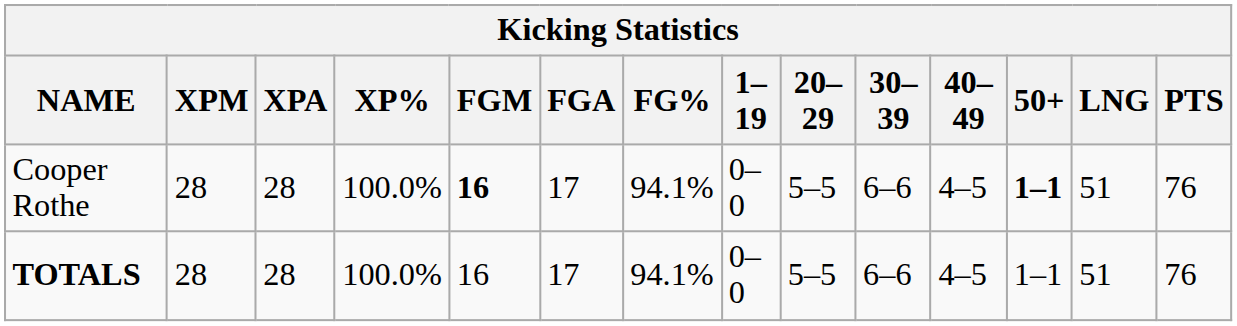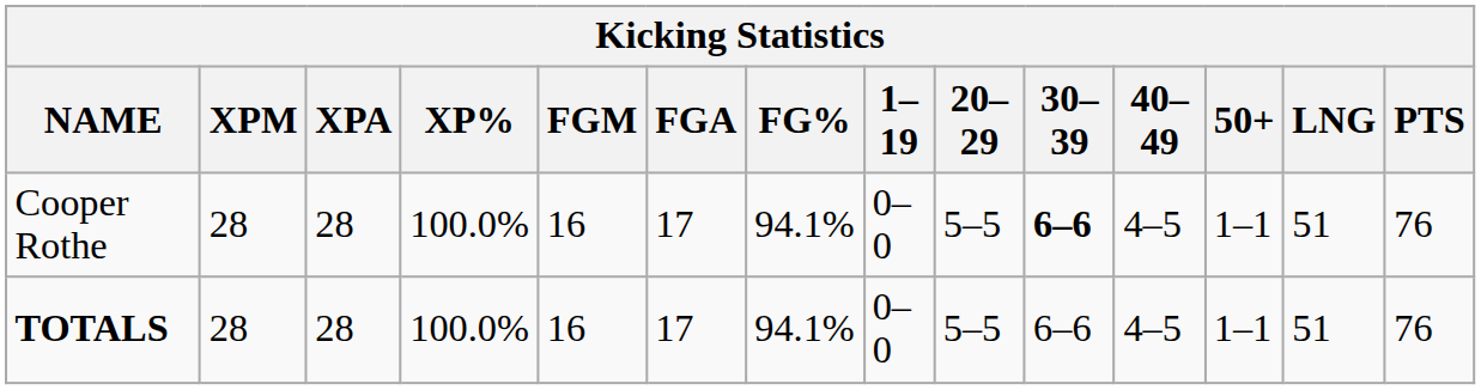 <table class="wikitable sortable collapsible collapsed">
 <tr>
 <th colspan="16">Kicking Statistics</th>
 </tr>
 <tr>
 <th>NAME</th>
 <th>XPM</th>
 <th>XPA</th>
 <th>XP%</th>
 <th>FGM</th>
 <th>FGA</th>
 <th>FG%</th>
 <th>1–19</th>
 <th>20–29</th>
 <th>30–39</th>
 <th>40–49</th>
 <th>50+</th>
 <th>LNG</th>
 <th>PTS</th>
 </tr>
 <tr>
 <td>Cooper Rothe</td>
 <td>28</td>
 <td>28</td>
 <td>100.0%</td>
-<td><strong>16</strong></td>
+<td>16</td>
 <td>17</td>
 <td>94.1%</td>
 <td>0–0</td>
 <td>5–5</td>
-<td>6–6</td>
+<td><strong>6–6</strong></td>
 <td>4–5</td>
-<td><strong>1–1</strong></td>
+<td>1–1</td>
 <td>51</td>
 <td>76</td>
 </tr>
 <tr>
 <td><strong>TOTALS</strong></td>
 <td>28</td>
 <td>28</td>
 <td>100.0%</td>
 <td>16</td>
 <td>17</td>
 <td>94.1%</td>
 <td>0–0</td>
 <td>5–5</td>
 <td>6–6</td>
 <td>4–5</td>
 <td>1–1</td>
 <td>51</td>
 <td>76</td>
 </tr>
 </table>
